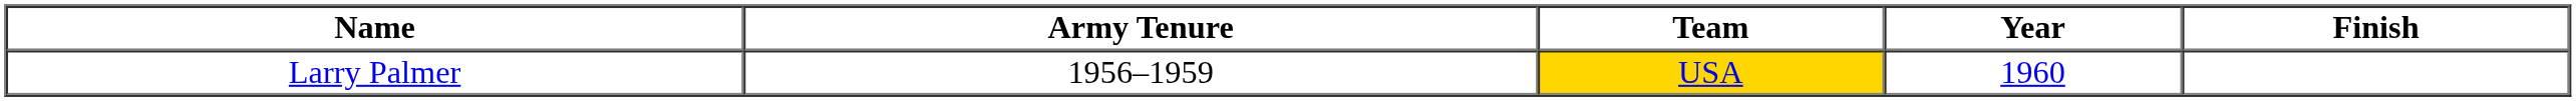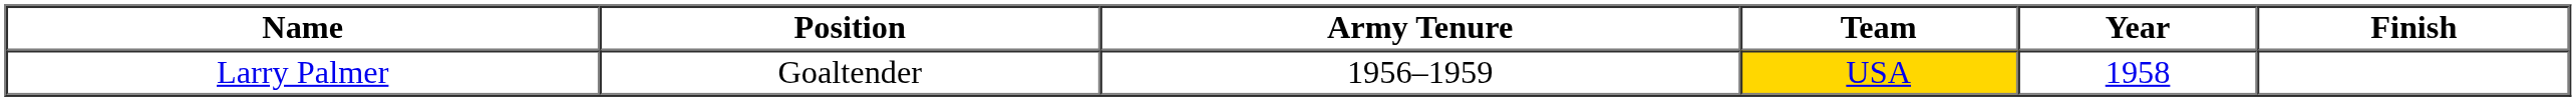 <table cellpadding="1" border="1" cellspacing="0" width="80%">
 <tr>
 <th>Name</th>
+<th>Position</th>
 <th>Army Tenure</th>
 <th>Team</th>
 <th>Year</th>
 <th>Finish</th>
 </tr>
 <tr align="center">
 <td><a href='#'>Larry Palmer</a></td>
+<td>Goaltender</td>
 <td>1956–1959</td>
 <td style="background: gold;"> <a href='#'>USA</a></td>
-<td><a href='#'>1960</a></td>
+<td><a href='#'>1958</a></td>
 <td></td>
 </tr>
 </table>
